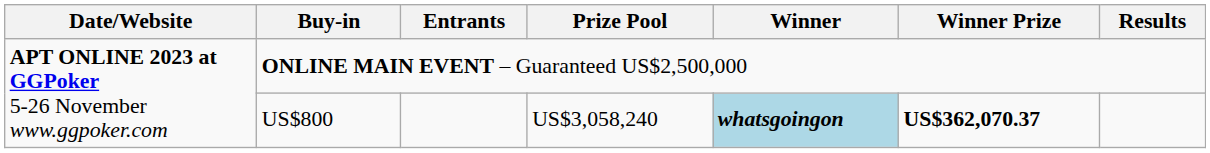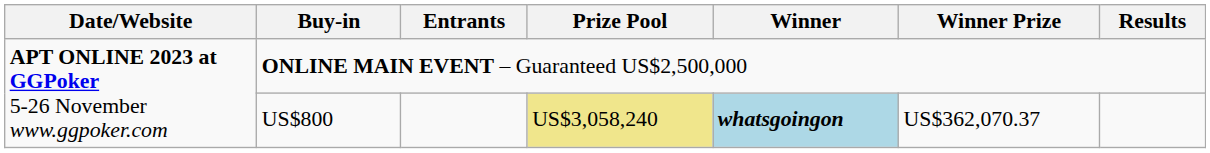 <table class="wikitable" width="100%">
 <tr>
 <th width="21%">Date/Website</th>
 <th width="12%">Buy-in</th>
 <th !width="11%">Entrants</th>
 <th !width="14%">Prize Pool</th>
 <th !width="18%">Winner</th>
 <th !width="14%">Winner Prize</th>
 <th !width="11%">Results</th>
 </tr>
 <tr>
 <td rowspan="5"><strong>APT ONLINE 2023 at <a href='#'>GGPoker</a></strong><br>5-26 November<br><em>www.ggpoker.com</em><br></td>
 <td colspan="6"><strong>ONLINE MAIN EVENT</strong> – Guaranteed US$2,500,000</td>
 </tr>
 <tr>
 <td>US$800</td>
 <td></td>
-<td>US$3,058,240</td>
+<td style="background: khaki;">US$3,058,240</td>
 <td style="background: lightblue;"> <strong><em>whatsgoingon</em></strong></td>
-<td><strong>US$362,070.37</strong></td>
+<td>US$362,070.37</td>
 <td></td>
 </tr>
 </table>
